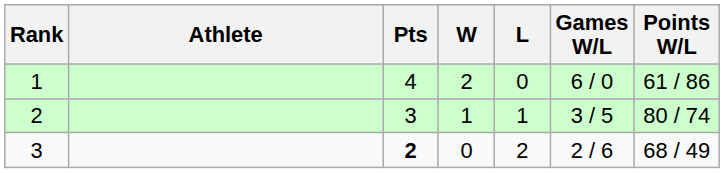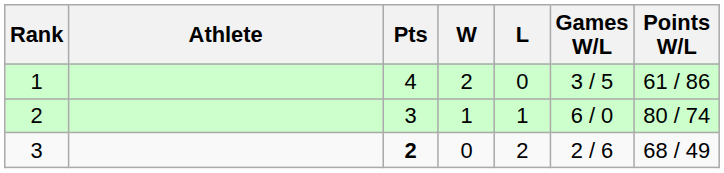 <table class="wikitable" style="text-align: center; font-size:90% ">
 <tr>
 <th width="20">Rank</th>
 <th width="200">Athlete</th>
 <th width="30">Pts</th>
 <th width="30">W</th>
 <th width="30">L</th>
 <th width="40">Games<br>W/L</th>
 <th width="50">Points<br>W/L</th>
 </tr>
 <tr bgcolor=#ccffcc>
 <td>1</td>
 <td align=left></td>
 <td>4</td>
 <td>2</td>
 <td>0</td>
-<td>6 / 0</td>
+<td>3 / 5</td>
 <td>61 / 86</td>
 </tr>
 <tr bgcolor=#ccffcc>
 <td>2</td>
 <td align=left></td>
 <td>3</td>
 <td>1</td>
 <td>1</td>
-<td>3 / 5</td>
+<td>6 / 0</td>
 <td>80 / 74</td>
 </tr>
 <tr>
 <td>3</td>
 <td align=left></td>
 <td><strong>2</strong></td>
 <td>0</td>
 <td>2</td>
 <td>2 / 6</td>
 <td>68 / 49</td>
 </tr>
 </table>
